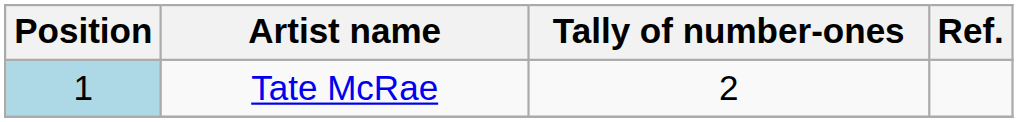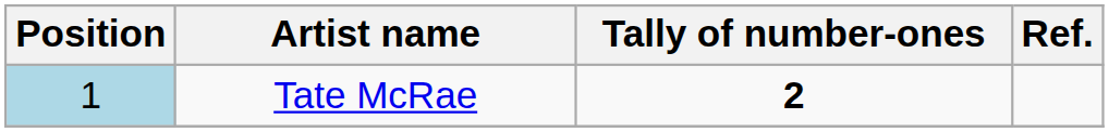 <table class="wikitable sortable plainrowheaders" style="text-align:center;">
 <tr>
 <th scope="col" style="width:4em;" class="unsortable">Position</th>
 <th scope="col" style="width:10em;">Artist name</th>
 <th scope="col" style="width:11em;" class="unsortable">Tally of number-ones</th>
 <th scope="col" style="width:1em;">Ref.</th>
 </tr>
 <tr>
 <td style="background: lightblue;">1</td>
 <td><a href='#'>Tate McRae</a></td>
-<td>2</td>
+<td><strong>2</strong></td>
 <td></td>
 </tr>
 <tr>
 </tr>
 </table>
